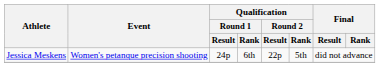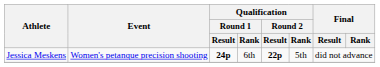 <table class="wikitable" style="font-size:90%">
 <tr>
 <th rowspan=3>Athlete</th>
 <th rowspan=3>Event</th>
 <th colspan=4>Qualification</th>
 <th colspan=2 rowspan=2>Final</th>
 </tr>
 <tr style="font-size:95%">
 <th colspan=2>Round 1</th>
 <th colspan=2>Round 2</th>
 </tr>
 <tr style="font-size:95%">
 <th>Result</th>
 <th>Rank</th>
 <th>Result</th>
 <th>Rank</th>
 <th>Result</th>
 <th>Rank</th>
 </tr>
 <tr align="center">
 <td align=left><a href='#'>Jessica Meskens</a></td>
 <td align=left><a href='#'>Women's petanque precision shooting</a></td>
-<td>24p</td>
+<td><strong>24p</strong></td>
 <td>6th</td>
-<td>22p</td>
+<td><strong>22p</strong></td>
 <td>5th</td>
 <td align=center colspan=2>did not advance</td>
 </tr>
 <tr align="center">
 </tr>
 </table>
